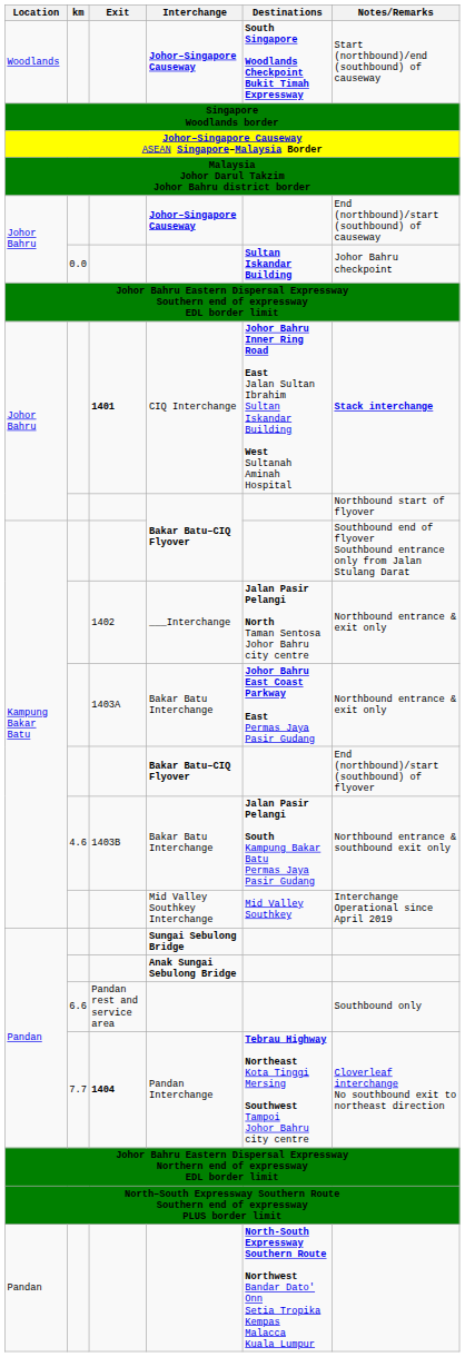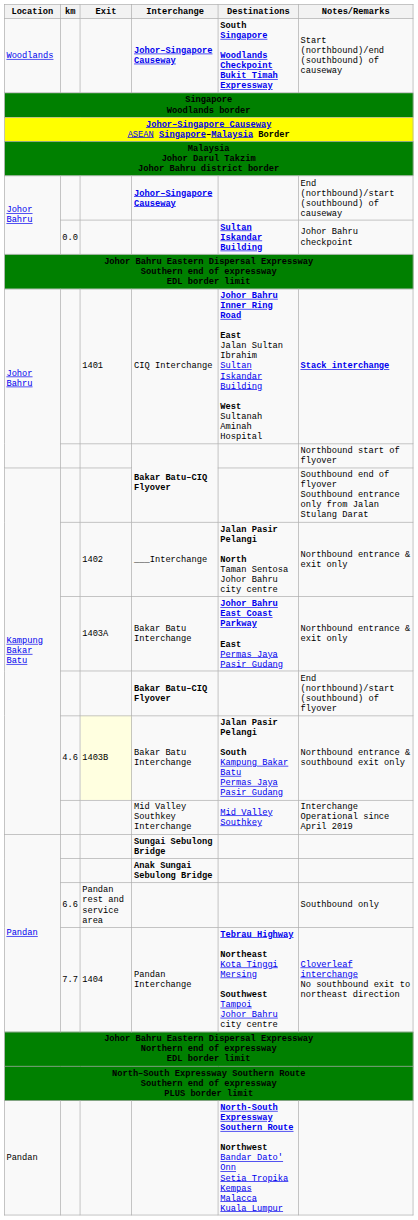 <table class=wikitable>
 <tr>
 <th>Location</th>
 <th>km</th>
 <th>Exit</th>
 <th>Interchange</th>
 <th>Destinations</th>
 <th>Notes/Remarks</th>
 </tr>
 <tr>
 <td><a href='#'>Woodlands</a></td>
 <td></td>
 <td></td>
 <td><strong><a href='#'>Johor–Singapore Causeway</a></strong></td>
 <td><strong>South</strong><br> <strong><a href='#'>Singapore</a></strong><br><br><strong><a href='#'>Woodlands Checkpoint</a></strong><br>  <strong><a href='#'>Bukit Timah Expressway</a></strong></td>
 <td>Start (northbound)/end (southbound) of causeway</td>
 </tr>
 <tr>
 <td colspan=6 style=text-align:center bgcolor=green><strong><span>Singapore<br>Woodlands border</span></strong></td>
 </tr>
 <tr>
 <td colspan=6 style=text-align:center bgcolor=yellow><span><strong><a href='#'>Johor–Singapore Causeway</a></strong><br><a href='#'>ASEAN</a> <strong><a href='#'>Singapore</a>–<a href='#'>Malaysia</a> Border</strong></span></td>
 </tr>
 <tr>
 <td colspan=6 style=text-align:center bgcolor=green><strong><span>Malaysia<br>Johor Darul Takzim<br>Johor Bahru district border</span></strong></td>
 </tr>
 <tr>
 <td rowspan=2><a href='#'>Johor Bahru</a></td>
 <td></td>
 <td></td>
 <td><strong><a href='#'>Johor–Singapore Causeway</a></strong></td>
 <td></td>
 <td>End (northbound)/start (southbound) of causeway</td>
 </tr>
 <tr>
 <td>0.0</td>
 <td></td>
 <td></td>
 <td><strong><a href='#'>Sultan Iskandar Building</a></strong></td>
 <td>Johor Bahru checkpoint</td>
 </tr>
 <tr>
 <td colspan=6 style=text-align:center bgcolor=green><strong><span>  Johor Bahru Eastern Dispersal Expressway<br>Southern end of expressway<br>EDL border limit</span></strong></td>
 </tr>
 <tr>
 <td rowspan=2><a href='#'>Johor Bahru</a></td>
 <td></td>
-<td><strong>1401</strong></td>
+<td>1401</td>
 <td>CIQ Interchange</td>
 <td> <strong><a href='#'>Johor Bahru Inner Ring Road</a></strong><br><br><strong>East</strong><br>Jalan Sultan Ibrahim<br><a href='#'>Sultan Iskandar Building</a><br><br><strong>West</strong><br>Sultanah Aminah Hospital</td>
 <td><strong><a href='#'>Stack interchange</a></strong></td>
 </tr>
 <tr>
 <td></td>
 <td></td>
 <td rowspan=2><strong>Bakar Batu–CIQ Flyover</strong></td>
 <td></td>
 <td>Northbound start of flyover</td>
 </tr>
 <tr>
 <td rowspan=6><a href='#'>Kampung Bakar Batu</a></td>
 <td></td>
 <td></td>
 <td></td>
 <td>Southbound end of flyover<br>Southbound entrance only from Jalan Stulang Darat</td>
 </tr>
 <tr>
 <td></td>
 <td>1402</td>
 <td>___Interchange</td>
 <td> <strong>Jalan Pasir Pelangi</strong><br><br><strong>North</strong><br>Taman Sentosa<br>Johor Bahru city centre</td>
 <td>Northbound entrance & exit only</td>
 </tr>
 <tr>
 <td></td>
 <td>1403A</td>
 <td>Bakar Batu Interchange</td>
 <td> <strong><a href='#'>Johor Bahru East Coast Parkway</a></strong><br><br><strong>East</strong><br><a href='#'>Permas Jaya</a><br><a href='#'>Pasir Gudang</a></td>
 <td>Northbound entrance & exit only</td>
 </tr>
 <tr>
 <td></td>
 <td></td>
 <td><strong>Bakar Batu–CIQ Flyover</strong></td>
 <td></td>
 <td>End (northbound)/start (southbound) of flyover</td>
 </tr>
 <tr>
 <td>4.6</td>
-<td>1403B</td>
+<td style="background: lightyellow;">1403B</td>
 <td>Bakar Batu Interchange</td>
 <td> <strong>Jalan Pasir Pelangi</strong><br><br><strong>South</strong><br><a href='#'>Kampung Bakar Batu</a><br><a href='#'>Permas Jaya</a><br><a href='#'>Pasir Gudang</a></td>
 <td>Northbound entrance & southbound exit only</td>
 </tr>
 <tr>
 <td></td>
 <td></td>
 <td>Mid Valley Southkey Interchange</td>
 <td><a href='#'>Mid Valley Southkey</a></td>
 <td>Interchange<br>Operational since April 2019</td>
 </tr>
 <tr>
 <td rowspan=4><a href='#'>Pandan</a></td>
 <td></td>
 <td></td>
 <td><strong>Sungai Sebulong Bridge</strong></td>
 <td></td>
 <td></td>
 </tr>
 <tr>
 <td></td>
 <td></td>
 <td><strong>Anak Sungai Sebulong Bridge</strong></td>
 <td></td>
 <td></td>
 </tr>
 <tr>
 <td>6.6</td>
 <td> Pandan rest and service area</td>
 <td></td>
 <td>  </td>
 <td>Southbound only</td>
 </tr>
 <tr>
 <td>7.7</td>
-<td><strong>1404</strong></td>
+<td>1404</td>
 <td>Pandan Interchange</td>
 <td> <strong><a href='#'>Tebrau Highway</a></strong><br><br><strong>Northeast</strong><br><a href='#'>Kota Tinggi</a><br><a href='#'>Mersing</a><br><br><strong>Southwest</strong><br><a href='#'>Tampoi</a><br><a href='#'>Johor Bahru</a> city centre</td>
 <td><a href='#'>Cloverleaf interchange</a><br>No southbound exit to northeast direction</td>
 </tr>
 <tr>
 <td colspan=6 style=text-align:center bgcolor=green><strong><span>  Johor Bahru Eastern Dispersal Expressway<br>Northern end of expressway<br>EDL border limit</span></strong></td>
 </tr>
 <tr>
 <td colspan=6 style=text-align:center bgcolor=green><strong><span>  North–South Expressway Southern Route<br>Southern end of expressway<br>PLUS border limit</span></strong></td>
 </tr>
 <tr>
 <td>Pandan</td>
 <td></td>
 <td></td>
 <td></td>
 <td>  <strong><a href='#'>North-South Expressway Southern Route</a></strong><br><br><strong>Northwest</strong><br><a href='#'>Bandar Dato' Onn</a><br><a href='#'>Setia Tropika</a><br><a href='#'>Kempas</a><br><a href='#'>Malacca</a><br><a href='#'>Kuala Lumpur</a></td>
 </tr>
 </table>
